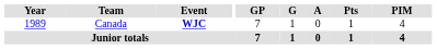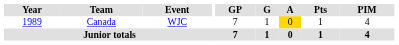 <table border="0" cellpadding="1" cellspacing="0" ID="Table3" style="text-align:center; width:40em">
 <tr bgcolor="#e0e0e0">
 <th>Year</th>
 <th>Team</th>
 <th>Event</th>
 <th rowspan="102" bgcolor="#ffffff"></th>
 <th>GP</th>
 <th>G</th>
 <th>A</th>
 <th>Pts</th>
 <th>PIM</th>
 </tr>
 <tr>
 <td><a href='#'>1989</a></td>
 <td><a href='#'>Canada</a></td>
-<td><strong><a href='#'>WJC</a></strong></td>
+<td><a href='#'>WJC</a></td>
 <td>7</td>
 <td>1</td>
-<td>0</td>
+<td style="background: gold;">0</td>
 <td>1</td>
 <td>4</td>
 </tr>
 <tr bgcolor="#e0e0e0">
 <th colspan="4">Junior totals</th>
 <th>7</th>
 <th>1</th>
 <th>0</th>
 <th>1</th>
 <th>4</th>
 </tr>
 </table>
